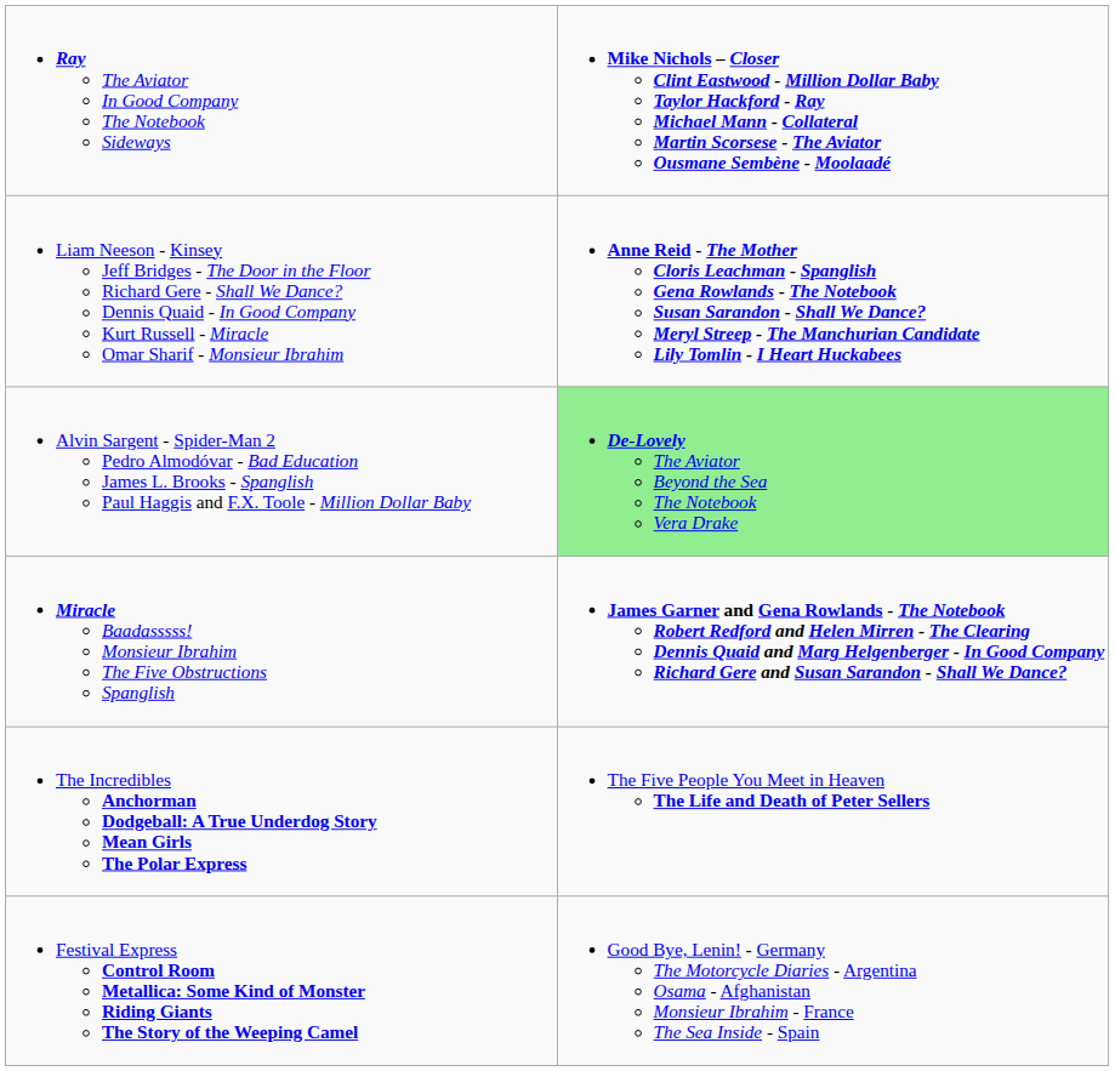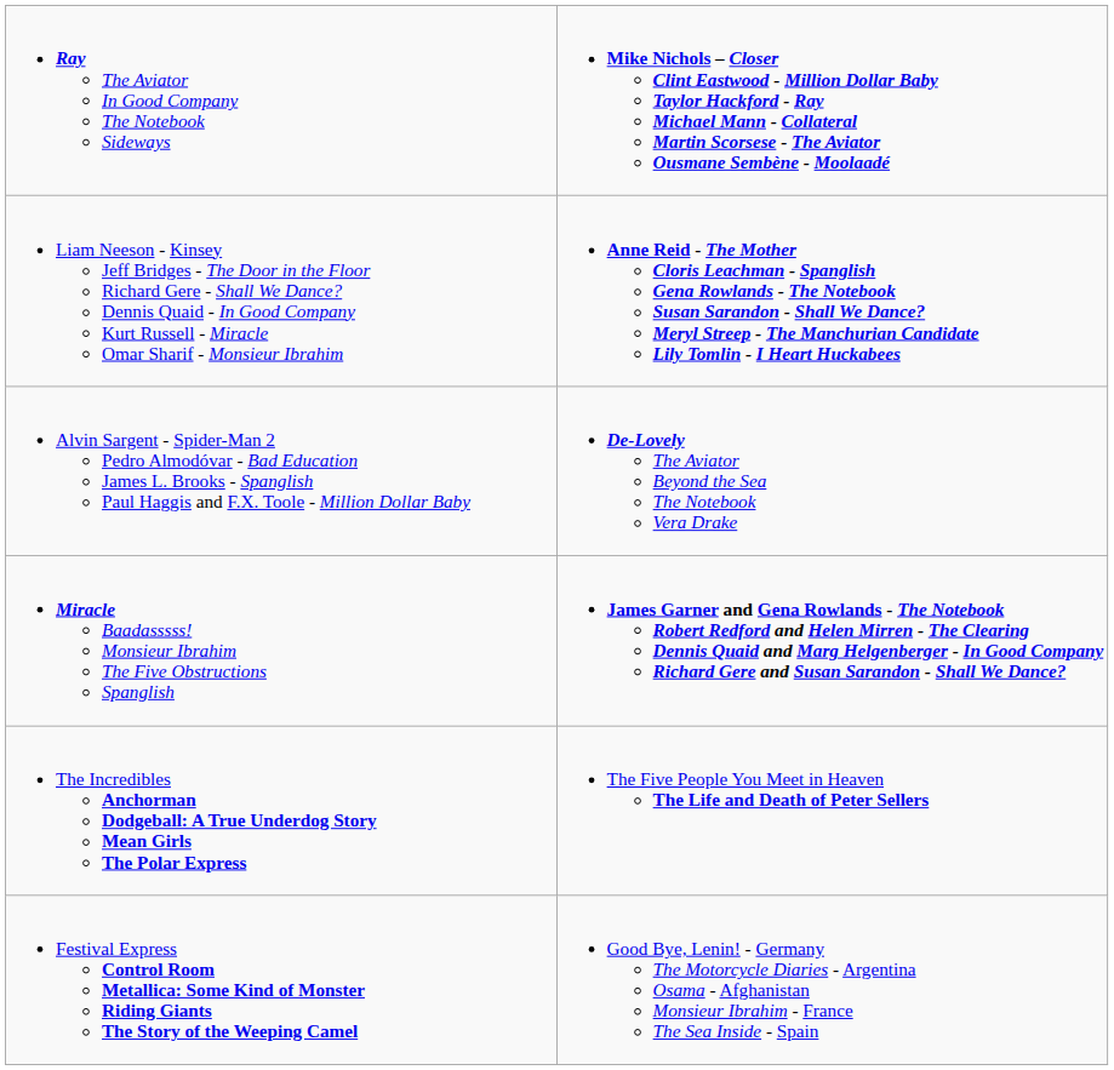 <table class=wikitable>
 <tr>
 <td style="vertical-align:top; width:50%;"><br><ul><li><strong><em><a href='#'>Ray</a></em></strong><ul><li><em><a href='#'>The Aviator</a></em></li><li><em><a href='#'>In Good Company</a></em></li><li><em><a href='#'>The Notebook</a></em></li><li><em><a href='#'>Sideways</a></em></li></ul></li></ul></td>
 <td style="vertical-align:top; width:50%;"><br><ul><li><strong><a href='#'>Mike Nichols</a> – <em><a href='#'>Closer</a><strong><em><ul><li><a href='#'>Clint Eastwood</a> - </em><a href='#'>Million Dollar Baby</a><em></li><li><a href='#'>Taylor Hackford</a> - </em><a href='#'>Ray</a><em></li><li><a href='#'>Michael Mann</a> - </em><a href='#'>Collateral</a><em></li><li><a href='#'>Martin Scorsese</a> - </em><a href='#'>The Aviator</a><em></li><li><a href='#'>Ousmane Sembène</a> - </em><a href='#'>Moolaadé</a><em></li></ul></li></ul></td>
 </tr>
 <tr>
 <td style="vertical-align:top; width:50%;"><br><ul><li></strong><a href='#'>Liam Neeson</a> - </em><a href='#'>Kinsey</a></em></strong><ul><li><a href='#'>Jeff Bridges</a> - <em><a href='#'>The Door in the Floor</a></em></li><li><a href='#'>Richard Gere</a> - <em><a href='#'>Shall We Dance?</a></em></li><li><a href='#'>Dennis Quaid</a> - <em><a href='#'>In Good Company</a></em></li><li><a href='#'>Kurt Russell</a> - <em><a href='#'>Miracle</a></em></li><li><a href='#'>Omar Sharif</a> - <em><a href='#'>Monsieur Ibrahim</a></em></li></ul></li></ul></td>
 <td style="vertical-align:top; width:50%;"><br><ul><li><strong><a href='#'>Anne Reid</a> - <em><a href='#'>The Mother</a><strong><em><ul><li><a href='#'>Cloris Leachman</a> - </em><a href='#'>Spanglish</a><em></li><li><a href='#'>Gena Rowlands</a> - </em><a href='#'>The Notebook</a><em></li><li><a href='#'>Susan Sarandon</a> - </em><a href='#'>Shall We Dance?</a><em></li><li><a href='#'>Meryl Streep</a> - </em><a href='#'>The Manchurian Candidate</a><em></li><li><a href='#'>Lily Tomlin</a> - </em><a href='#'>I Heart Huckabees</a><em></li></ul></li></ul></td>
 </tr>
 <tr>
 <td style="vertical-align:top; width:50%;"><br><ul><li></strong><a href='#'>Alvin Sargent</a> - </em><a href='#'>Spider-Man 2</a></em></strong><ul><li><a href='#'>Pedro Almodóvar</a> - <em><a href='#'>Bad Education</a></em></li><li><a href='#'>James L. Brooks</a> - <em><a href='#'>Spanglish</a></em></li><li><a href='#'>Paul Haggis</a> and <a href='#'>F.X. Toole</a> - <em><a href='#'>Million Dollar Baby</a></em></li></ul></li></ul></td>
-<td style="background: lightgreen; vertical-align:top; width:50%;"><br><ul><li><strong><em><a href='#'>De-Lovely</a></em></strong><ul><li><em><a href='#'>The Aviator</a></em></li><li><em><a href='#'>Beyond the Sea</a></em></li><li><em><a href='#'>The Notebook</a></em></li><li><em><a href='#'>Vera Drake</a></em></li></ul></li></ul></td>
+<td style="vertical-align:top; width:50%;"><br><ul><li><strong><em><a href='#'>De-Lovely</a></em></strong><ul><li><em><a href='#'>The Aviator</a></em></li><li><em><a href='#'>Beyond the Sea</a></em></li><li><em><a href='#'>The Notebook</a></em></li><li><em><a href='#'>Vera Drake</a></em></li></ul></li></ul></td>
 </tr>
 <tr>
 <td style="vertical-align:top; width:50%;"><br><ul><li><strong><em><a href='#'>Miracle</a></em></strong><ul><li><em><a href='#'>Baadasssss!</a></em></li><li><em><a href='#'>Monsieur Ibrahim</a></em></li><li><em><a href='#'>The Five Obstructions</a></em></li><li><em><a href='#'>Spanglish</a></em></li></ul></li></ul></td>
 <td style="vertical-align:top; width:50%;"><br><ul><li><strong><a href='#'>James Garner</a> and <a href='#'>Gena Rowlands</a> - <em><a href='#'>The Notebook</a><strong><em><ul><li><a href='#'>Robert Redford</a> and <a href='#'>Helen Mirren</a> - </em><a href='#'>The Clearing</a><em></li><li><a href='#'>Dennis Quaid</a> and <a href='#'>Marg Helgenberger</a> - </em><a href='#'>In Good Company</a><em></li><li><a href='#'>Richard Gere</a> and <a href='#'>Susan Sarandon</a> - </em><a href='#'>Shall We Dance?</a><em></li></ul></li></ul></td>
 </tr>
 <tr>
 <td style="vertical-align:top; width:50%;"><br><ul><li></em></strong><a href='#'>The Incredibles</a><strong><em><ul><li></em><a href='#'>Anchorman</a><em></li><li></em><a href='#'>Dodgeball: A True Underdog Story</a><em></li><li></em><a href='#'>Mean Girls</a><em></li><li></em><a href='#'>The Polar Express</a><em></li></ul></li></ul></td>
 <td style="vertical-align:top; width:50%;"><br><ul><li></em></strong><a href='#'>The Five People You Meet in Heaven</a><strong><em><ul><li></em><a href='#'>The Life and Death of Peter Sellers</a><em></li></ul></li></ul></td>
 </tr>
 <tr>
 <td style="vertical-align:top; width:50%;"><br><ul><li></em></strong><a href='#'>Festival Express</a><strong><em><ul><li></em><a href='#'>Control Room</a><em></li><li></em><a href='#'>Metallica: Some Kind of Monster</a><em></li><li></em><a href='#'>Riding Giants</a><em></li><li></em><a href='#'>The Story of the Weeping Camel</a><em></li></ul></li></ul></td>
 <td style="vertical-align:top; width:50%;"><br><ul><li></em></strong><a href='#'>Good Bye, Lenin!</a></em> - <a href='#'>Germany</a></strong><ul><li><em><a href='#'>The Motorcycle Diaries</a></em> - <a href='#'>Argentina</a></li><li><em><a href='#'>Osama</a></em> - <a href='#'>Afghanistan</a></li><li><em><a href='#'>Monsieur Ibrahim</a></em> - <a href='#'>France</a></li><li><em><a href='#'>The Sea Inside</a></em> - <a href='#'>Spain</a></li></ul></li></ul></td>
 </tr>
 </table>
